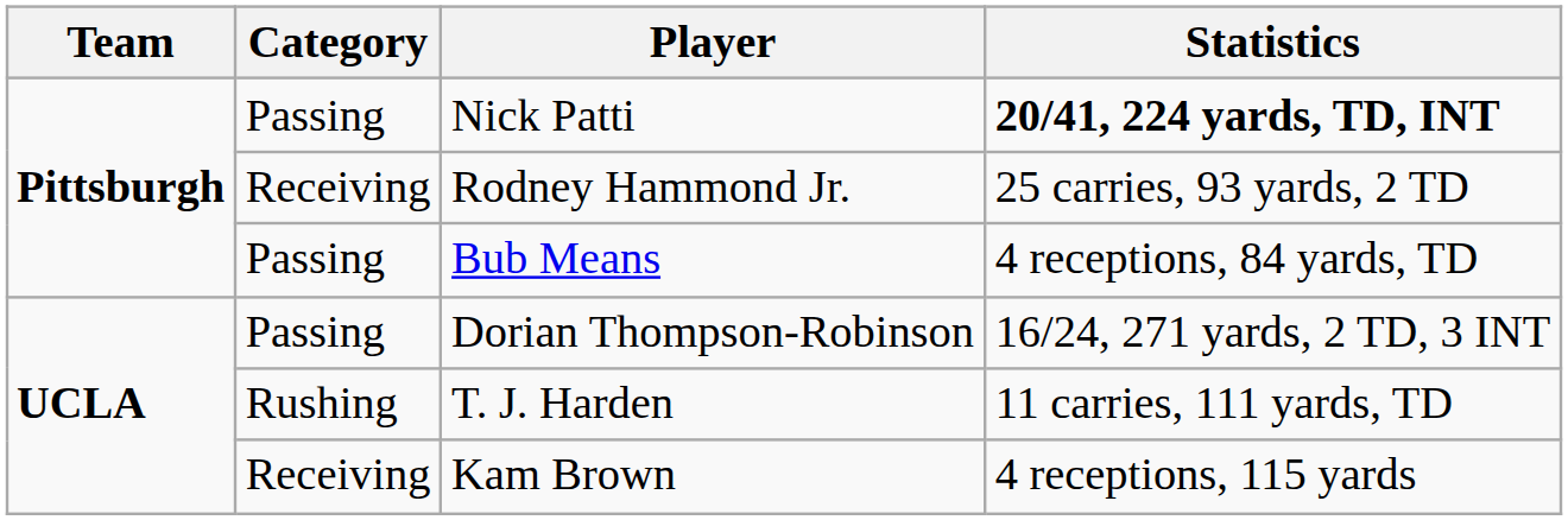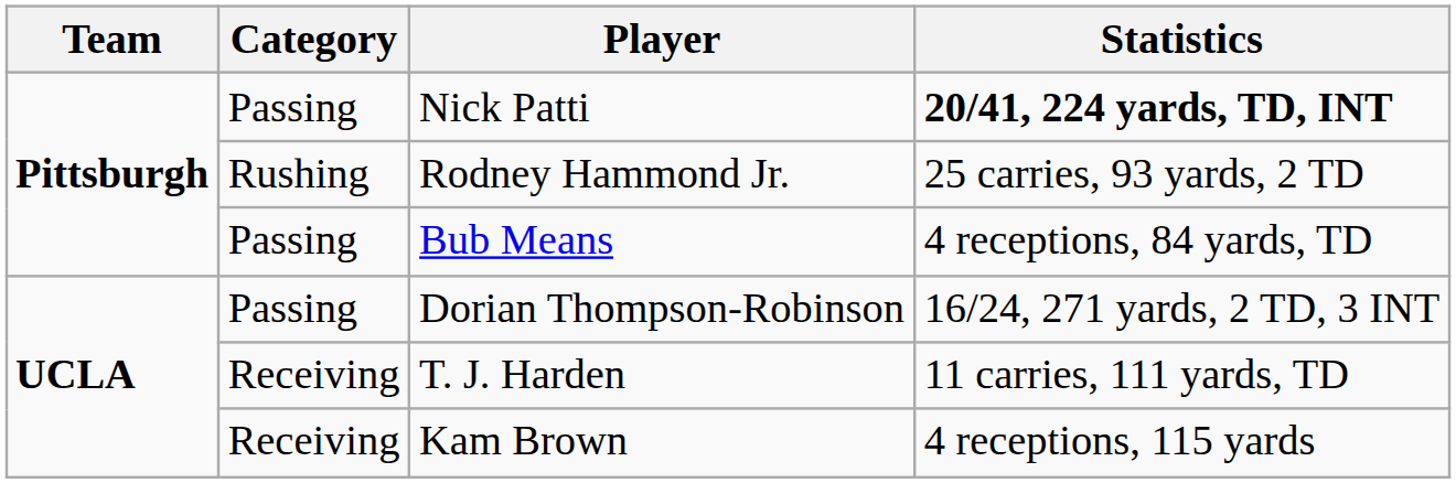 <table class="wikitable" style="float: right;">
 <tr>
 <th>Team</th>
 <th>Category</th>
 <th>Player</th>
 <th>Statistics</th>
 </tr>
 <tr>
 <td rowspan=3><strong>Pittsburgh</strong></td>
 <td>Passing</td>
 <td>Nick Patti</td>
 <td><strong>20/41, 224 yards, TD, INT</strong></td>
 </tr>
 <tr>
-<td>Receiving</td>
+<td>Rushing</td>
 <td>Rodney Hammond Jr.</td>
 <td>25 carries, 93 yards, 2 TD</td>
 </tr>
 <tr>
 <td>Passing</td>
 <td><a href='#'>Bub Means</a></td>
 <td>4 receptions, 84 yards, TD</td>
 </tr>
 <tr>
 <td rowspan=3><strong>UCLA</strong></td>
 <td>Passing</td>
 <td>Dorian Thompson-Robinson</td>
 <td>16/24, 271 yards, 2 TD, 3 INT</td>
 </tr>
 <tr>
-<td>Rushing</td>
+<td>Receiving</td>
 <td>T. J. Harden</td>
 <td>11 carries, 111 yards, TD</td>
 </tr>
 <tr>
 <td>Receiving</td>
 <td>Kam Brown</td>
 <td>4 receptions, 115 yards</td>
 </tr>
 </table>
